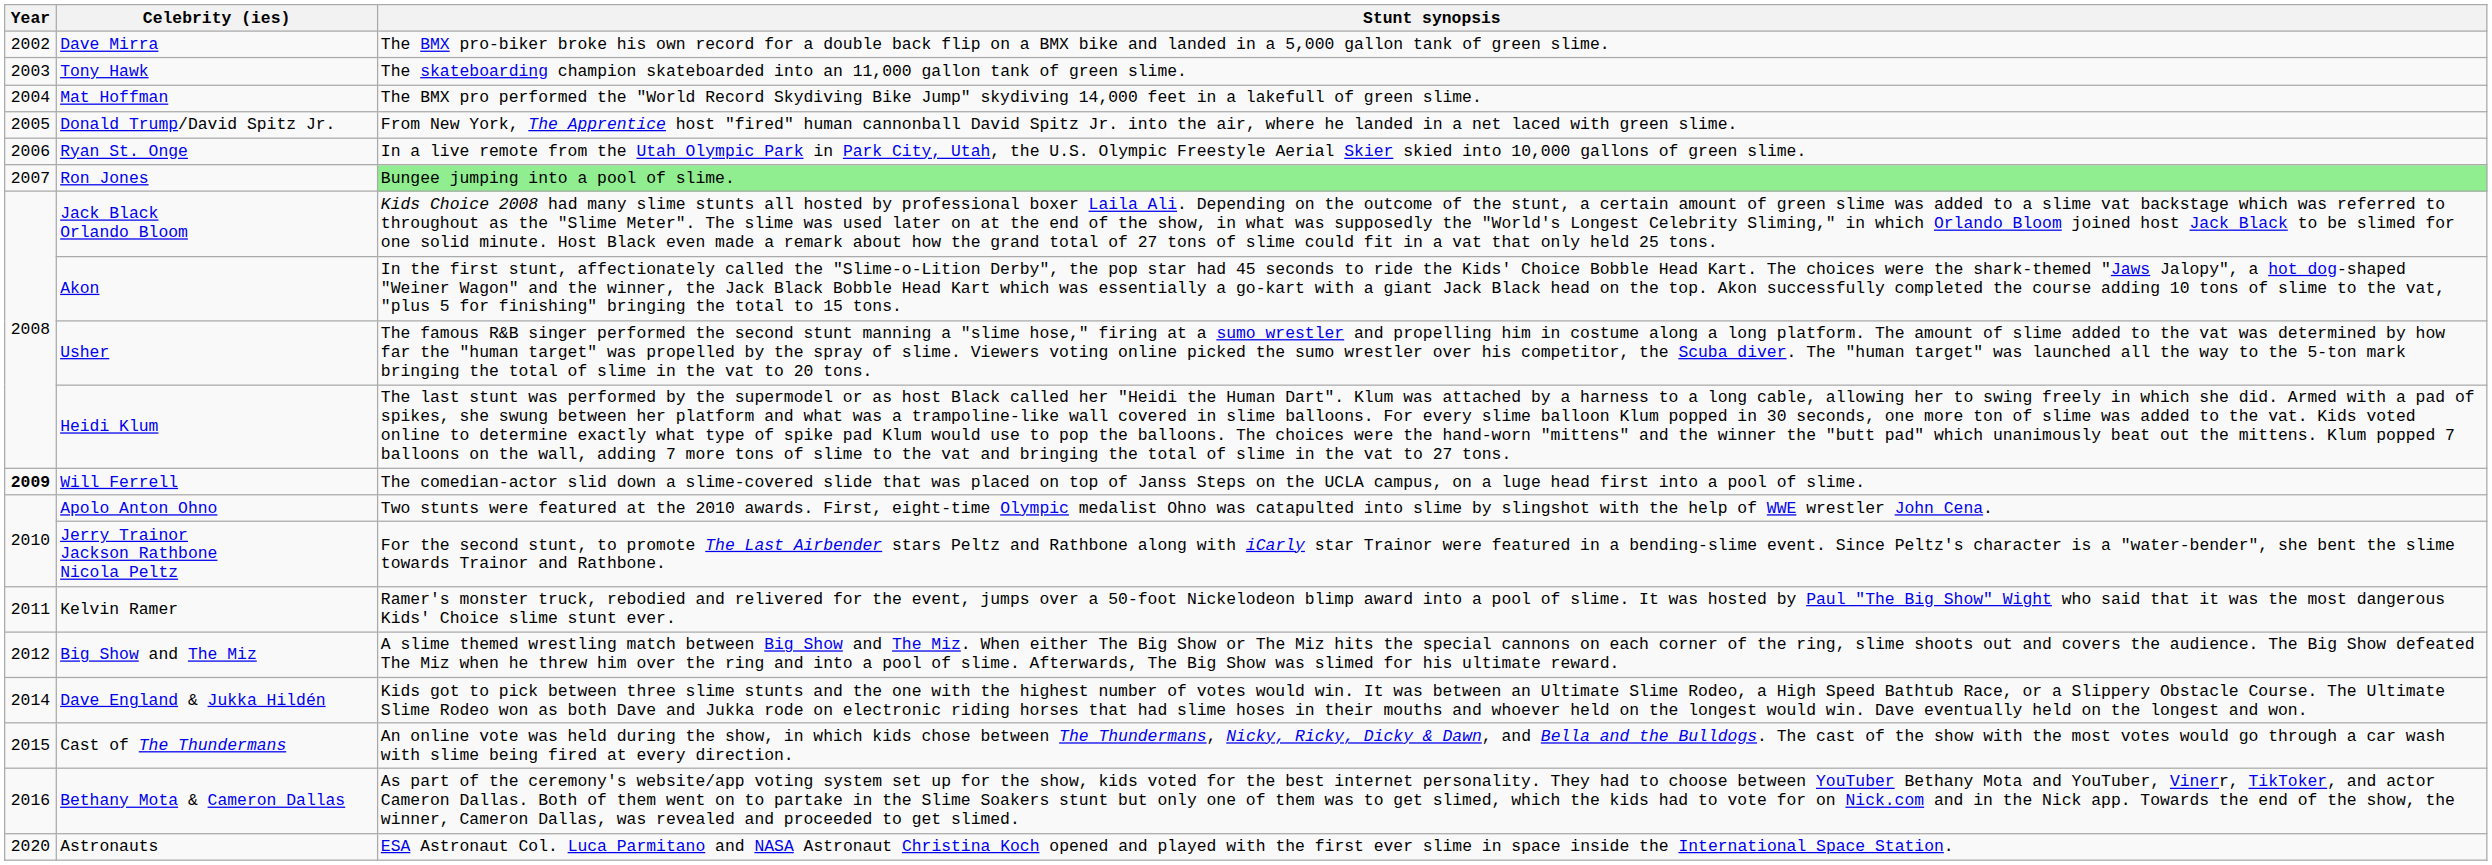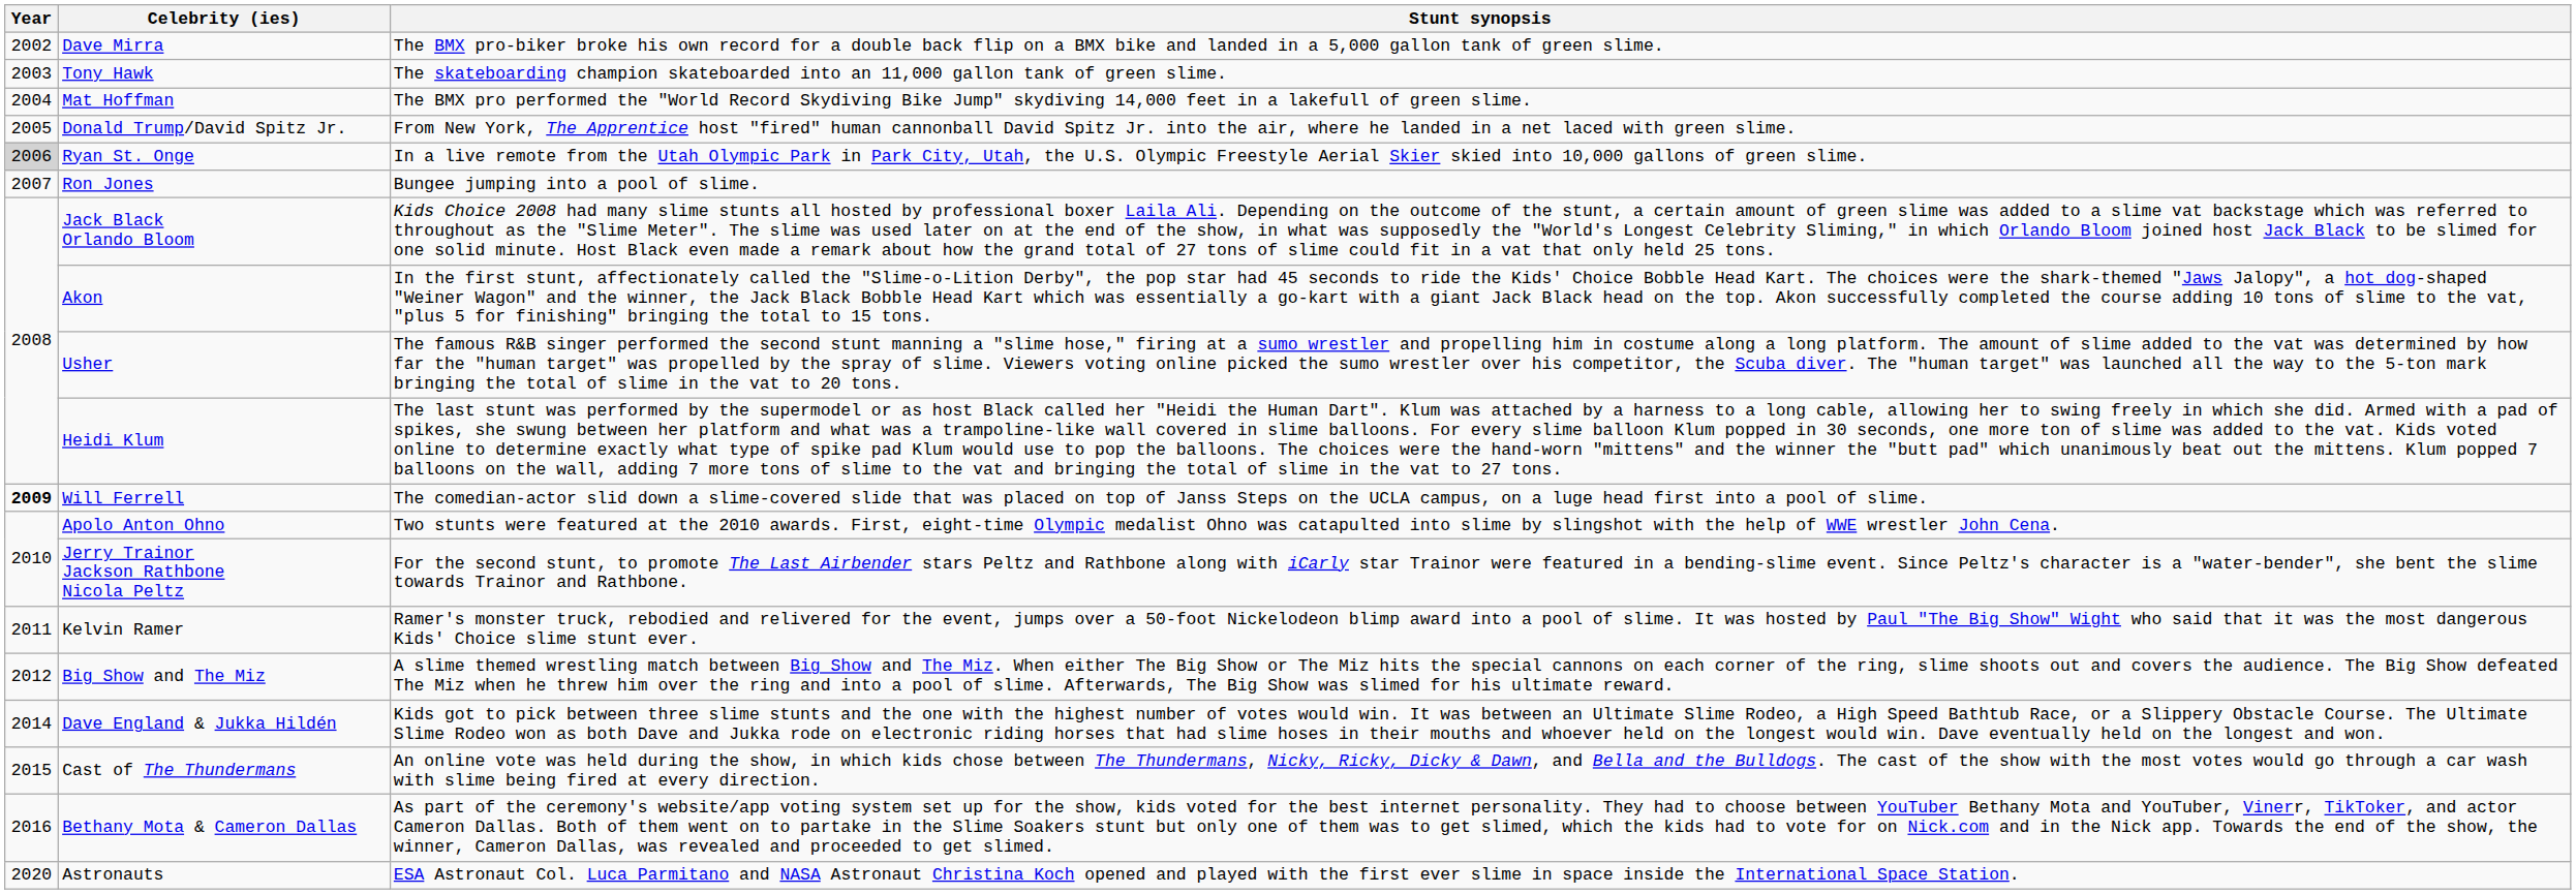 <table class="wikitable">
 <tr>
 <th>Year</th>
 <th>Celebrity (ies)</th>
 <th width="85%">Stunt synopsis</th>
 </tr>
 <tr>
 <td align="center">2002</td>
 <td><a href='#'>Dave Mirra</a></td>
 <td>The <a href='#'>BMX</a> pro-biker broke his own record for a double back flip on a BMX bike and landed in a 5,000 gallon tank of green slime.</td>
 </tr>
 <tr>
 <td align="center">2003</td>
 <td><a href='#'>Tony Hawk</a></td>
 <td>The <a href='#'>skateboarding</a> champion skateboarded into an 11,000 gallon tank of green slime.</td>
 </tr>
 <tr>
 <td align="center">2004</td>
 <td><a href='#'>Mat Hoffman</a></td>
 <td>The BMX pro performed the "World Record Skydiving Bike Jump" skydiving 14,000 feet in a lakefull of green slime.</td>
 </tr>
 <tr>
 <td align="center">2005</td>
 <td><a href='#'>Donald Trump</a>/David Spitz Jr.</td>
 <td>From New York, <em><a href='#'>The Apprentice</a></em> host "fired" human cannonball David Spitz Jr. into the air, where he landed in a net laced with green slime.</td>
 </tr>
 <tr>
-<td align="center">2006</td>
+<td align="center" style="background: lightgrey;">2006</td>
 <td><a href='#'>Ryan St. Onge</a></td>
 <td>In a live remote from the <a href='#'>Utah Olympic Park</a> in <a href='#'>Park City, Utah</a>, the U.S. Olympic Freestyle Aerial <a href='#'>Skier</a> skied into 10,000 gallons of green slime.</td>
 </tr>
 <tr>
 <td align="center">2007</td>
 <td><a href='#'>Ron Jones</a></td>
-<td style="background: lightgreen;">Bungee jumping into a pool of slime.</td>
+<td>Bungee jumping into a pool of slime.</td>
 </tr>
 <tr>
 <td align="center" rowspan="4">2008</td>
 <td><a href='#'>Jack Black</a><br><a href='#'>Orlando Bloom</a></td>
 <td><em>Kids Choice 2008</em> had many slime stunts all hosted by professional boxer <a href='#'>Laila Ali</a>. Depending on the outcome of the stunt, a certain amount of green slime was added to a slime vat backstage which was referred to throughout as the "Slime Meter". The slime was used later on at the end of the show, in what was supposedly the "World's Longest Celebrity Sliming," in which <a href='#'>Orlando Bloom</a> joined host <a href='#'>Jack Black</a> to be slimed for one solid minute. Host Black even made a remark about how the grand total of 27 tons of slime could fit in a vat that only held 25 tons.</td>
 </tr>
 <tr>
 <td><a href='#'>Akon</a></td>
 <td>In the first stunt, affectionately called the "Slime-o-Lition Derby", the pop star had 45 seconds to ride the Kids' Choice Bobble Head Kart. The choices were the shark-themed "<a href='#'>Jaws</a> Jalopy", a <a href='#'>hot dog</a>-shaped "Weiner Wagon" and the winner, the Jack Black Bobble Head Kart which was essentially a go-kart with a giant Jack Black head on the top. Akon successfully completed the course adding 10 tons of slime to the vat, "plus 5 for finishing" bringing the total to 15 tons.</td>
 </tr>
 <tr>
 <td><a href='#'>Usher</a></td>
 <td>The famous R&B singer performed the second stunt manning a "slime hose," firing at a <a href='#'>sumo wrestler</a> and propelling him in costume along a long platform. The amount of slime added to the vat was determined by how far the "human target" was propelled by the spray of slime. Viewers voting online picked the sumo wrestler over his competitor, the <a href='#'>Scuba diver</a>. The "human target" was launched all the way to the 5-ton mark bringing the total of slime in the vat to 20 tons.</td>
 </tr>
 <tr>
 <td><a href='#'>Heidi Klum</a></td>
 <td>The last stunt was performed by the supermodel or as host Black called her "Heidi the Human Dart". Klum was attached by a harness to a long cable, allowing her to swing freely in which she did. Armed with a pad of spikes, she swung between her platform and what was a trampoline-like wall covered in slime balloons. For every slime balloon Klum popped in 30 seconds, one more ton of slime was added to the vat. Kids voted online to determine exactly what type of spike pad Klum would use to pop the balloons. The choices were the hand-worn "mittens" and the winner the "butt pad" which unanimously beat out the mittens. Klum popped 7 balloons on the wall, adding 7 more tons of slime to the vat and bringing the total of slime in the vat to 27 tons.</td>
 </tr>
 <tr>
 <td align="center"><strong>2009</strong></td>
 <td><a href='#'>Will Ferrell</a></td>
 <td>The comedian-actor slid down a slime-covered slide that was placed on top of Janss Steps on the UCLA campus, on a luge head first into a pool of slime.</td>
 </tr>
 <tr>
 <td align="center" rowspan="2">2010</td>
 <td><a href='#'>Apolo Anton Ohno</a></td>
 <td>Two stunts were featured at the 2010 awards. First, eight-time <a href='#'>Olympic</a> medalist Ohno was catapulted into slime by slingshot with the help of <a href='#'>WWE</a> wrestler <a href='#'>John Cena</a>.</td>
 </tr>
 <tr>
 <td><a href='#'>Jerry Trainor</a><br><a href='#'>Jackson Rathbone</a><br><a href='#'>Nicola Peltz</a></td>
 <td>For the second stunt, to promote <em><a href='#'>The Last Airbender</a></em> stars Peltz and Rathbone along with <em><a href='#'>iCarly</a></em> star Trainor were featured in a bending-slime event. Since Peltz's character is a "water-bender", she bent the slime towards Trainor and Rathbone.</td>
 </tr>
 <tr>
 <td align="center">2011</td>
 <td>Kelvin Ramer</td>
 <td>Ramer's monster truck, rebodied and relivered for the event, jumps over a 50-foot Nickelodeon blimp award into a pool of slime. It was hosted by <a href='#'>Paul "The Big Show" Wight</a> who said that it was the most dangerous Kids' Choice slime stunt ever.</td>
 </tr>
 <tr>
 <td align="center">2012</td>
 <td><a href='#'>Big Show</a> and <a href='#'>The Miz</a></td>
 <td>A slime themed wrestling match between <a href='#'>Big Show</a> and <a href='#'>The Miz</a>. When either The Big Show or The Miz hits the special cannons on each corner of the ring, slime shoots out and covers the audience. The Big Show defeated The Miz when he threw him over the ring and into a pool of slime. Afterwards, The Big Show was slimed for his ultimate reward.</td>
 </tr>
 <tr>
 <td align="center">2014</td>
 <td><a href='#'>Dave England</a> & <a href='#'>Jukka Hildén</a></td>
 <td>Kids got to pick between three slime stunts and the one with the highest number of votes would win. It was between an Ultimate Slime Rodeo, a High Speed Bathtub Race, or a Slippery Obstacle Course. The Ultimate Slime Rodeo won as both Dave and Jukka rode on electronic riding horses that had slime hoses in their mouths and whoever held on the longest would win. Dave eventually held on the longest and won.</td>
 </tr>
 <tr>
 <td align="center">2015</td>
 <td>Cast of <em><a href='#'>The Thundermans</a></em></td>
 <td>An online vote was held during the show, in which kids chose between <em><a href='#'>The Thundermans</a></em>, <em><a href='#'>Nicky, Ricky, Dicky & Dawn</a></em>, and <em><a href='#'>Bella and the Bulldogs</a></em>. The cast of the show with the most votes would go through a car wash with slime being fired at every direction.</td>
 </tr>
 <tr>
 <td align="center">2016</td>
 <td><a href='#'>Bethany Mota</a> & <a href='#'>Cameron Dallas</a></td>
 <td>As part of the ceremony's website/app voting system set up for the show, kids voted for the best internet personality. They had to choose between <a href='#'>YouTuber</a> Bethany Mota and YouTuber, <a href='#'>Viner</a>r, <a href='#'>TikToker</a>, and actor Cameron Dallas. Both of them went on to partake in the Slime Soakers stunt but only one of them was to get slimed, which the kids had to vote for on <a href='#'>Nick.com</a> and in the Nick app. Towards the end of the show, the winner, Cameron Dallas, was revealed and proceeded to get slimed.</td>
 </tr>
 <tr>
 <td align="center">2020</td>
 <td>Astronauts</td>
 <td><a href='#'>ESA</a> Astronaut Col. <a href='#'>Luca Parmitano</a> and <a href='#'>NASA</a> Astronaut <a href='#'>Christina Koch</a> opened and played with the first ever slime in space inside the <a href='#'>International Space Station</a>.</td>
 </tr>
 </table>
